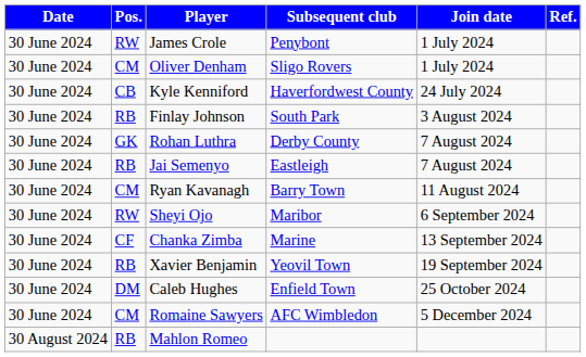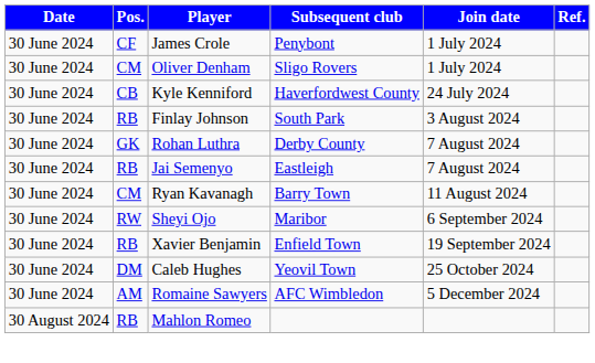 <table class="wikitable plainrowheaders sortable">
 <tr>
 <th style="background: blue; color: white; ">Date</th>
 <th style="background: blue; color: white; ">Pos.</th>
 <th style="background: blue; color: white; ">Player</th>
 <th style="background: blue; color: white; ">Subsequent club</th>
 <th style="background: blue; color: white; ">Join date</th>
 <th style="background: blue; color: white; ">Ref.</th>
 </tr>
 <tr>
 <td>30 June 2024</td>
-<td><a href='#'>RW</a></td>
+<td><a href='#'>CF</a></td>
 <td> James Crole</td>
 <td> <a href='#'>Penybont</a></td>
 <td>1 July 2024</td>
 <td></td>
 </tr>
 <tr>
 <td>30 June 2024</td>
 <td><a href='#'>CM</a></td>
 <td> <a href='#'>Oliver Denham</a></td>
 <td> <a href='#'>Sligo Rovers</a></td>
 <td>1 July 2024</td>
 <td></td>
 </tr>
 <tr>
 <td>30 June 2024</td>
 <td><a href='#'>CB</a></td>
 <td> Kyle Kenniford</td>
 <td> <a href='#'>Haverfordwest County</a></td>
 <td>24 July 2024</td>
 <td></td>
 </tr>
 <tr>
 <td>30 June 2024</td>
 <td><a href='#'>RB</a></td>
 <td> Finlay Johnson</td>
 <td> <a href='#'>South Park</a></td>
 <td>3 August 2024</td>
 <td></td>
 </tr>
 <tr>
 <td>30 June 2024</td>
 <td><a href='#'>GK</a></td>
 <td> <a href='#'>Rohan Luthra</a></td>
 <td> <a href='#'>Derby County</a></td>
 <td>7 August 2024</td>
 <td></td>
 </tr>
 <tr>
 <td>30 June 2024</td>
 <td><a href='#'>RB</a></td>
 <td> <a href='#'>Jai Semenyo</a></td>
 <td> <a href='#'>Eastleigh</a></td>
 <td>7 August 2024</td>
 <td></td>
 </tr>
 <tr>
 <td>30 June 2024</td>
 <td><a href='#'>CM</a></td>
 <td> Ryan Kavanagh</td>
 <td> <a href='#'>Barry Town</a></td>
 <td>11 August 2024</td>
 <td></td>
 </tr>
 <tr>
 <td>30 June 2024</td>
 <td><a href='#'>RW</a></td>
 <td> <a href='#'>Sheyi Ojo</a></td>
 <td> <a href='#'>Maribor</a></td>
 <td>6 September 2024</td>
 <td></td>
 </tr>
 <tr>
 <td>30 June 2024</td>
-<td><a href='#'>CF</a></td>
-<td> <a href='#'>Chanka Zimba</a></td>
-<td> <a href='#'>Marine</a></td>
-<td>13 September 2024</td>
-<td></td>
-</tr>
-<tr>
-<td>30 June 2024</td>
 <td><a href='#'>RB</a></td>
 <td> Xavier Benjamin</td>
-<td> <a href='#'>Yeovil Town</a></td>
+<td> <a href='#'>Enfield Town</a></td>
 <td>19 September 2024</td>
 <td></td>
 </tr>
 <tr>
 <td>30 June 2024</td>
 <td><a href='#'>DM</a></td>
 <td> Caleb Hughes</td>
-<td> <a href='#'>Enfield Town</a></td>
+<td> <a href='#'>Yeovil Town</a></td>
 <td>25 October 2024</td>
 <td></td>
 </tr>
 <tr>
 <td>30 June 2024</td>
-<td><a href='#'>CM</a></td>
+<td><a href='#'>AM</a></td>
 <td> <a href='#'>Romaine Sawyers</a></td>
 <td> <a href='#'>AFC Wimbledon</a></td>
 <td>5 December 2024</td>
 <td></td>
 </tr>
 <tr>
 <td>30 August 2024</td>
 <td><a href='#'>RB</a></td>
 <td> <a href='#'>Mahlon Romeo</a></td>
 <td></td>
 <td></td>
 <td></td>
 </tr>
 </table>
